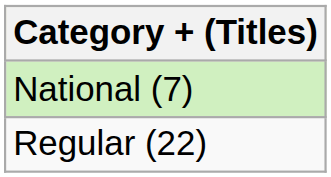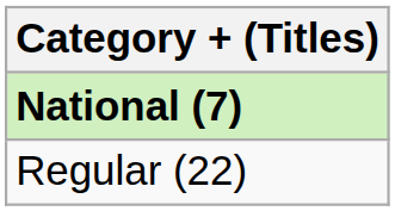 <table class="wikitable" style="display:inline-table;">
 <tr style="background:#ffc;">
 <th>Category + (Titles)</th>
 </tr>
 <tr style="background:#d0f0c0">
-<td>National (7)</td>
+<td><strong>National (7)</strong></td>
 </tr>
 <tr>
 <td>Regular (22)</td>
 </tr>
 </table>
